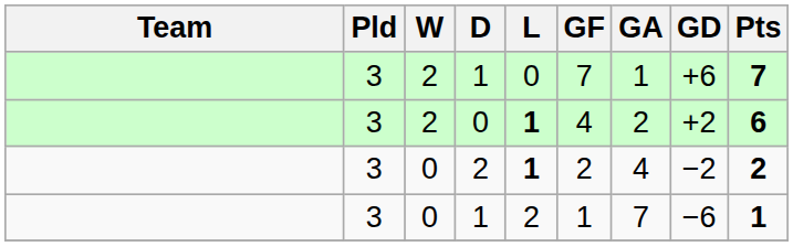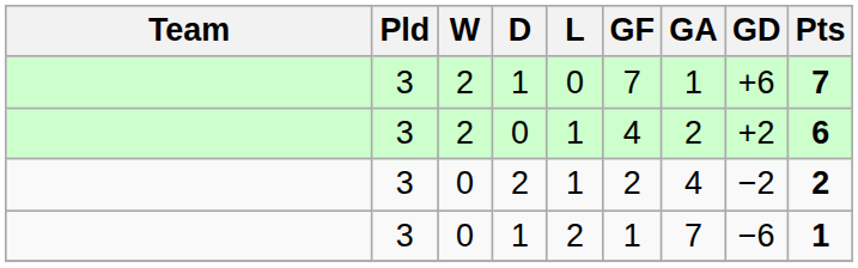 <table class="wikitable" style="text-align:center;">
 <tr>
 <th width=175>Team</th>
 <th width=20 abbr="Played">Pld</th>
 <th width=20 abbr="Won">W</th>
 <th width=20 abbr="Drawn">D</th>
 <th width=20 abbr="Lost">L</th>
 <th width=20 abbr="Goals for">GF</th>
 <th width=20 abbr="Goals against">GA</th>
 <th width=20 abbr="Goal difference">GD</th>
 <th width=20 abbr="Points">Pts</th>
 </tr>
 <tr bgcolor=ccffcc>
 <td align=left></td>
 <td>3</td>
 <td>2</td>
 <td>1</td>
 <td>0</td>
 <td>7</td>
 <td>1</td>
 <td>+6</td>
 <td><strong>7</strong></td>
 </tr>
 <tr bgcolor=ccffcc>
 <td align=left></td>
 <td>3</td>
 <td>2</td>
 <td>0</td>
-<td><strong>1</strong></td>
+<td>1</td>
 <td>4</td>
 <td>2</td>
 <td>+2</td>
 <td><strong>6</strong></td>
 </tr>
 <tr>
 <td align=left></td>
 <td>3</td>
 <td>0</td>
 <td>2</td>
-<td><strong>1</strong></td>
+<td>1</td>
 <td>2</td>
 <td>4</td>
 <td>−2</td>
 <td><strong>2</strong></td>
 </tr>
 <tr>
 <td align=left></td>
 <td>3</td>
 <td>0</td>
 <td>1</td>
 <td>2</td>
 <td>1</td>
 <td>7</td>
 <td>−6</td>
 <td><strong>1</strong></td>
 </tr>
 <tr>
 </tr>
 </table>
